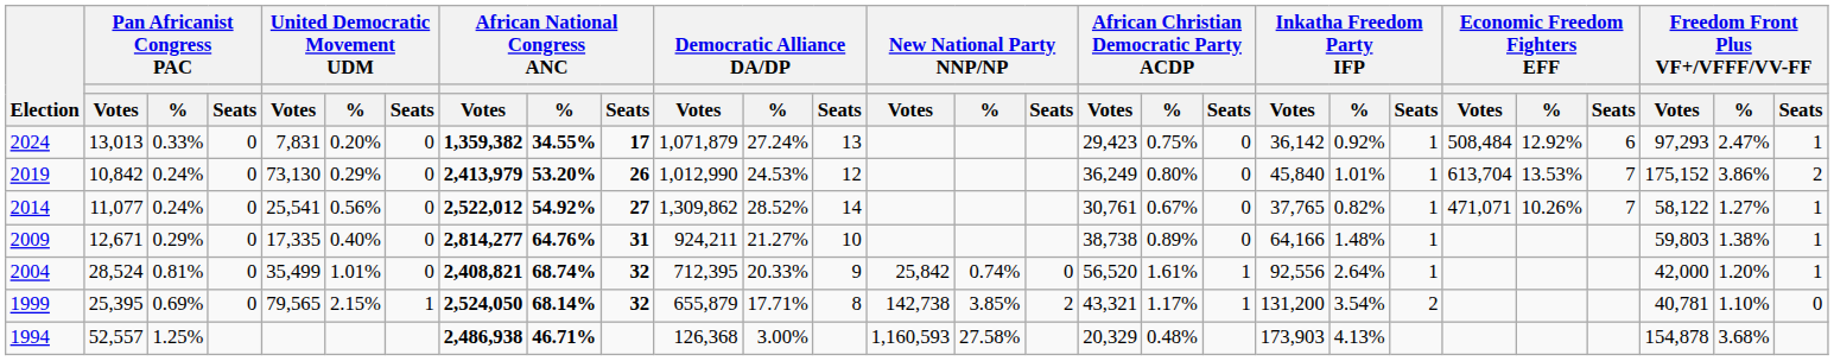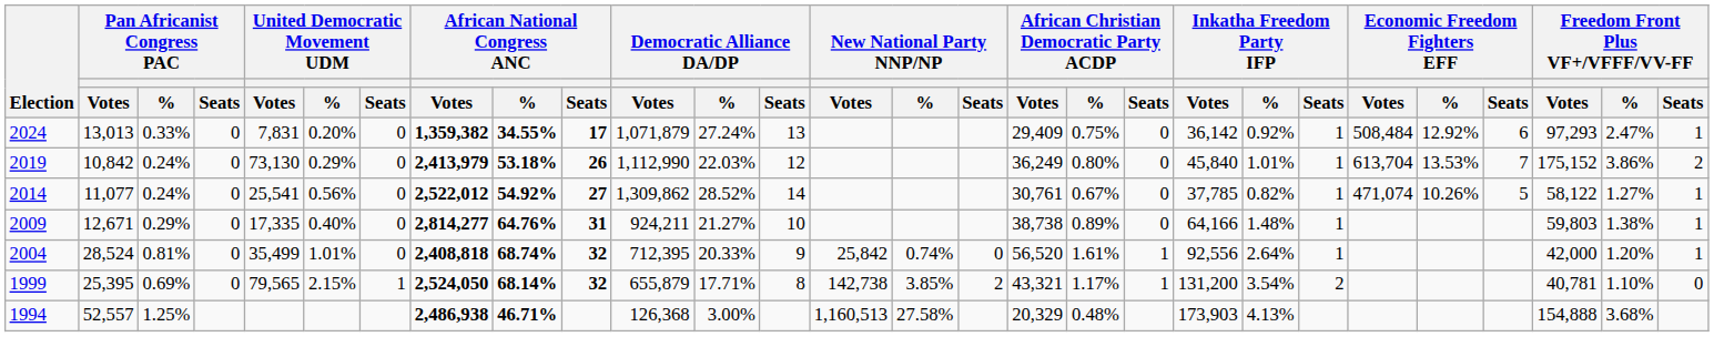 <table class="wikitable" border="1" style="font-size:80%; text-align:right;">
 <tr>
 <th style="text-align:left;" valign=bottom rowspan=3>Election</th>
 <th valign=bottom colspan=3><a href='#'>Pan Africanist<br>Congress</a><br>PAC</th>
 <th valign=bottom colspan=3><a href='#'>United Democratic<br>Movement</a><br>UDM</th>
 <th valign=bottom colspan=3><a href='#'>African National<br>Congress</a><br>ANC</th>
 <th valign=bottom colspan=3><a href='#'>Democratic Alliance</a><br>DA/DP</th>
 <th valign=bottom colspan=3><a href='#'>New National Party</a><br>NNP/NP</th>
 <th valign=bottom colspan=3><a href='#'>African Christian<br>Democratic Party</a><br>ACDP</th>
 <th valign=bottom colspan=3><a href='#'>Inkatha Freedom<br>Party</a><br>IFP</th>
 <th valign=bottom colspan=3><a href='#'>Economic Freedom<br>Fighters</a><br>EFF</th>
 <th valign=bottom colspan=3><a href='#'>Freedom Front<br>Plus</a><br>VF+/VFFF/VV-FF</th>
 </tr>
 <tr>
 <th colspan=3 style="background:"></th>
 <th colspan=3 style="background:"></th>
 <th colspan=3 style="background:"></th>
 <th colspan=3 style="background:"></th>
 <th colspan=3 style="background:"></th>
 <th colspan=3 style="background:"></th>
 <th colspan=3 style="background:"></th>
 <th colspan=3 style="background:"></th>
 <th colspan=3 style="background:"></th>
 </tr>
 <tr>
 <th>Votes</th>
 <th>%</th>
 <th>Seats</th>
 <th>Votes</th>
 <th>%</th>
 <th>Seats</th>
 <th>Votes</th>
 <th>%</th>
 <th>Seats</th>
 <th>Votes</th>
 <th>%</th>
 <th>Seats</th>
 <th>Votes</th>
 <th>%</th>
 <th>Seats</th>
 <th>Votes</th>
 <th>%</th>
 <th>Seats</th>
 <th>Votes</th>
 <th>%</th>
 <th>Seats</th>
 <th>Votes</th>
 <th>%</th>
 <th>Seats</th>
 <th>Votes</th>
 <th>%</th>
 <th>Seats</th>
 </tr>
 <tr>
 <td align=left><a href='#'>2024</a></td>
 <td>13,013</td>
 <td>0.33%</td>
 <td>0</td>
 <td>7,831</td>
 <td>0.20%</td>
 <td>0</td>
 <td><strong>1,359,382</strong></td>
 <td><strong>34.55%</strong></td>
 <td><strong>17</strong></td>
 <td>1,071,879</td>
 <td>27.24%</td>
 <td>13</td>
 <td></td>
 <td></td>
 <td></td>
-<td>29,423</td>
+<td>29,409</td>
 <td>0.75%</td>
 <td>0</td>
 <td>36,142</td>
 <td>0.92%</td>
 <td>1</td>
 <td>508,484</td>
 <td>12.92%</td>
 <td>6</td>
 <td>97,293</td>
 <td>2.47%</td>
 <td>1</td>
 </tr>
 <tr>
 <td align=left><a href='#'>2019</a></td>
 <td>10,842</td>
 <td>0.24%</td>
 <td>0</td>
 <td>73,130</td>
 <td>0.29%</td>
 <td>0</td>
 <td><strong>2,413,979</strong></td>
-<td><strong>53.20%</strong></td>
+<td><strong>53.18%</strong></td>
 <td><strong>26</strong></td>
-<td>1,012,990</td>
-<td>24.53%</td>
+<td>1,112,990</td>
+<td>22.03%</td>
 <td>12</td>
 <td></td>
 <td></td>
 <td></td>
 <td>36,249</td>
 <td>0.80%</td>
 <td>0</td>
 <td>45,840</td>
 <td>1.01%</td>
 <td>1</td>
 <td>613,704</td>
 <td>13.53%</td>
 <td>7</td>
 <td>175,152</td>
 <td>3.86%</td>
 <td>2</td>
 </tr>
 <tr>
 <td align=left><a href='#'>2014</a></td>
 <td>11,077</td>
 <td>0.24%</td>
 <td>0</td>
 <td>25,541</td>
 <td>0.56%</td>
 <td>0</td>
 <td><strong>2,522,012</strong></td>
 <td><strong>54.92%</strong></td>
 <td><strong>27</strong></td>
 <td>1,309,862</td>
 <td>28.52%</td>
 <td>14</td>
 <td></td>
 <td></td>
 <td></td>
 <td>30,761</td>
 <td>0.67%</td>
 <td>0</td>
-<td>37,765</td>
+<td>37,785</td>
 <td>0.82%</td>
 <td>1</td>
-<td>471,071</td>
+<td>471,074</td>
 <td>10.26%</td>
-<td>7</td>
+<td>5</td>
 <td>58,122</td>
 <td>1.27%</td>
 <td>1</td>
 </tr>
 <tr>
 <td align=left><a href='#'>2009</a></td>
 <td>12,671</td>
 <td>0.29%</td>
 <td>0</td>
 <td>17,335</td>
 <td>0.40%</td>
 <td>0</td>
 <td><strong>2,814,277</strong></td>
 <td><strong>64.76%</strong></td>
 <td><strong>31</strong></td>
 <td>924,211</td>
 <td>21.27%</td>
 <td>10</td>
 <td></td>
 <td></td>
 <td></td>
 <td>38,738</td>
 <td>0.89%</td>
 <td>0</td>
 <td>64,166</td>
 <td>1.48%</td>
 <td>1</td>
 <td></td>
 <td></td>
 <td></td>
 <td>59,803</td>
 <td>1.38%</td>
 <td>1</td>
 </tr>
 <tr>
 <td align=left><a href='#'>2004</a></td>
 <td>28,524</td>
 <td>0.81%</td>
 <td>0</td>
 <td>35,499</td>
 <td>1.01%</td>
 <td>0</td>
-<td><strong>2,408,821</strong></td>
+<td><strong>2,408,818</strong></td>
 <td><strong>68.74%</strong></td>
 <td><strong>32</strong></td>
 <td>712,395</td>
 <td>20.33%</td>
 <td>9</td>
 <td>25,842</td>
 <td>0.74%</td>
 <td>0</td>
 <td>56,520</td>
 <td>1.61%</td>
 <td>1</td>
 <td>92,556</td>
 <td>2.64%</td>
 <td>1</td>
 <td></td>
 <td></td>
 <td></td>
 <td>42,000</td>
 <td>1.20%</td>
 <td>1</td>
 </tr>
 <tr>
 <td align=left><a href='#'>1999</a></td>
 <td>25,395</td>
 <td>0.69%</td>
 <td>0</td>
 <td>79,565</td>
 <td>2.15%</td>
 <td>1</td>
 <td><strong>2,524,050</strong></td>
 <td><strong>68.14%</strong></td>
 <td><strong>32</strong></td>
 <td>655,879</td>
 <td>17.71%</td>
 <td>8</td>
 <td>142,738</td>
 <td>3.85%</td>
 <td>2</td>
 <td>43,321</td>
 <td>1.17%</td>
 <td>1</td>
 <td>131,200</td>
 <td>3.54%</td>
 <td>2</td>
 <td></td>
 <td></td>
 <td></td>
 <td>40,781</td>
 <td>1.10%</td>
 <td>0</td>
 </tr>
 <tr>
 <td align=left><a href='#'>1994</a></td>
 <td>52,557</td>
 <td>1.25%</td>
 <td></td>
 <td></td>
 <td></td>
 <td></td>
 <td><strong>2,486,938</strong></td>
 <td><strong>46.71%</strong></td>
 <td></td>
 <td>126,368</td>
 <td>3.00%</td>
 <td></td>
-<td>1,160,593</td>
+<td>1,160,513</td>
 <td>27.58%</td>
 <td></td>
 <td>20,329</td>
 <td>0.48%</td>
 <td></td>
 <td>173,903</td>
 <td>4.13%</td>
 <td></td>
 <td></td>
 <td></td>
 <td></td>
-<td>154,878</td>
+<td>154,888</td>
 <td>3.68%</td>
 <td></td>
 </tr>
 </table>
